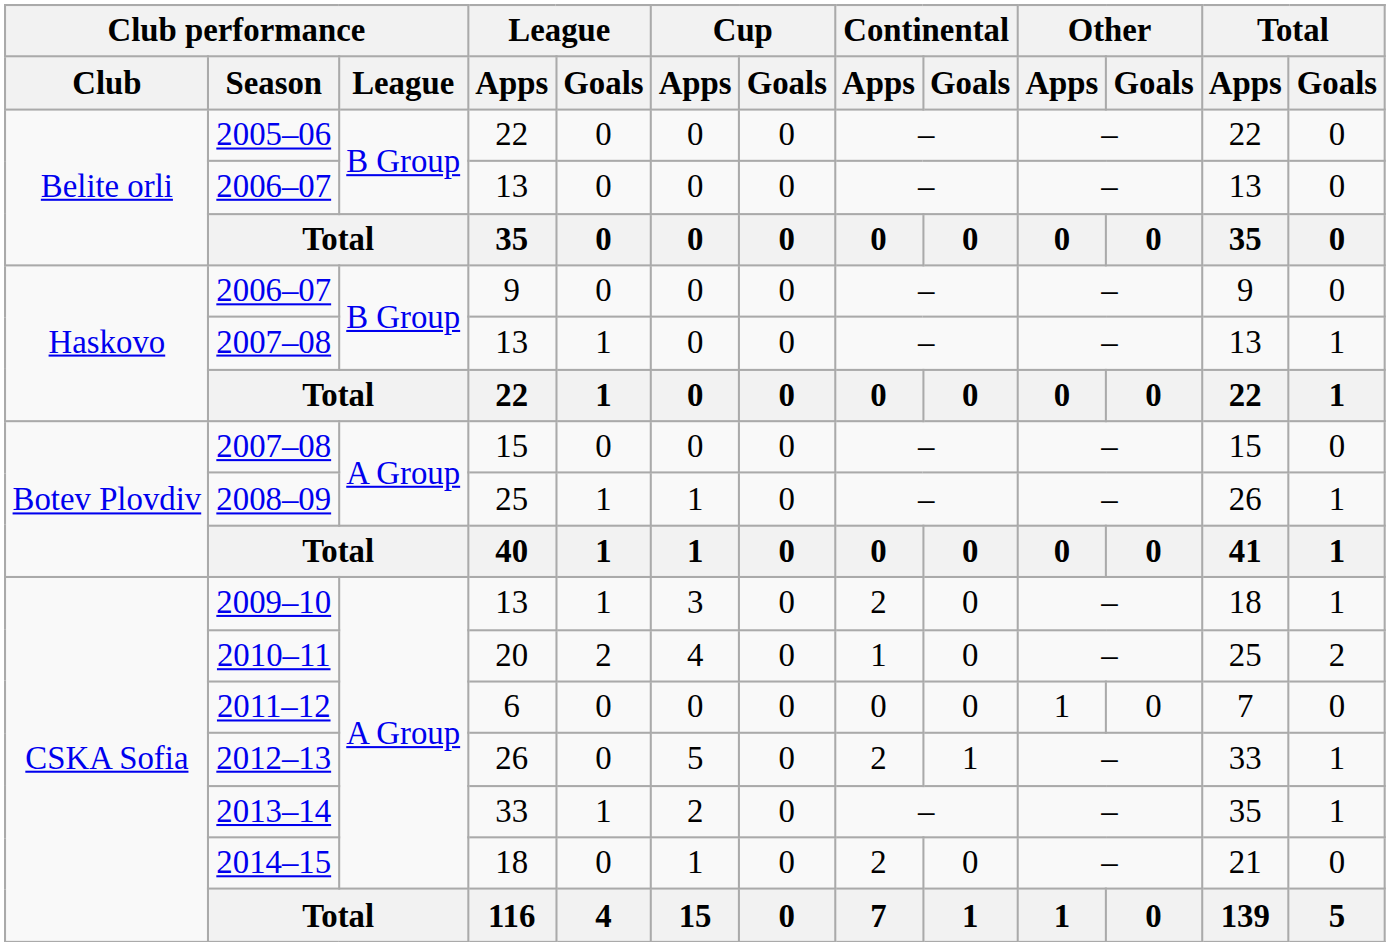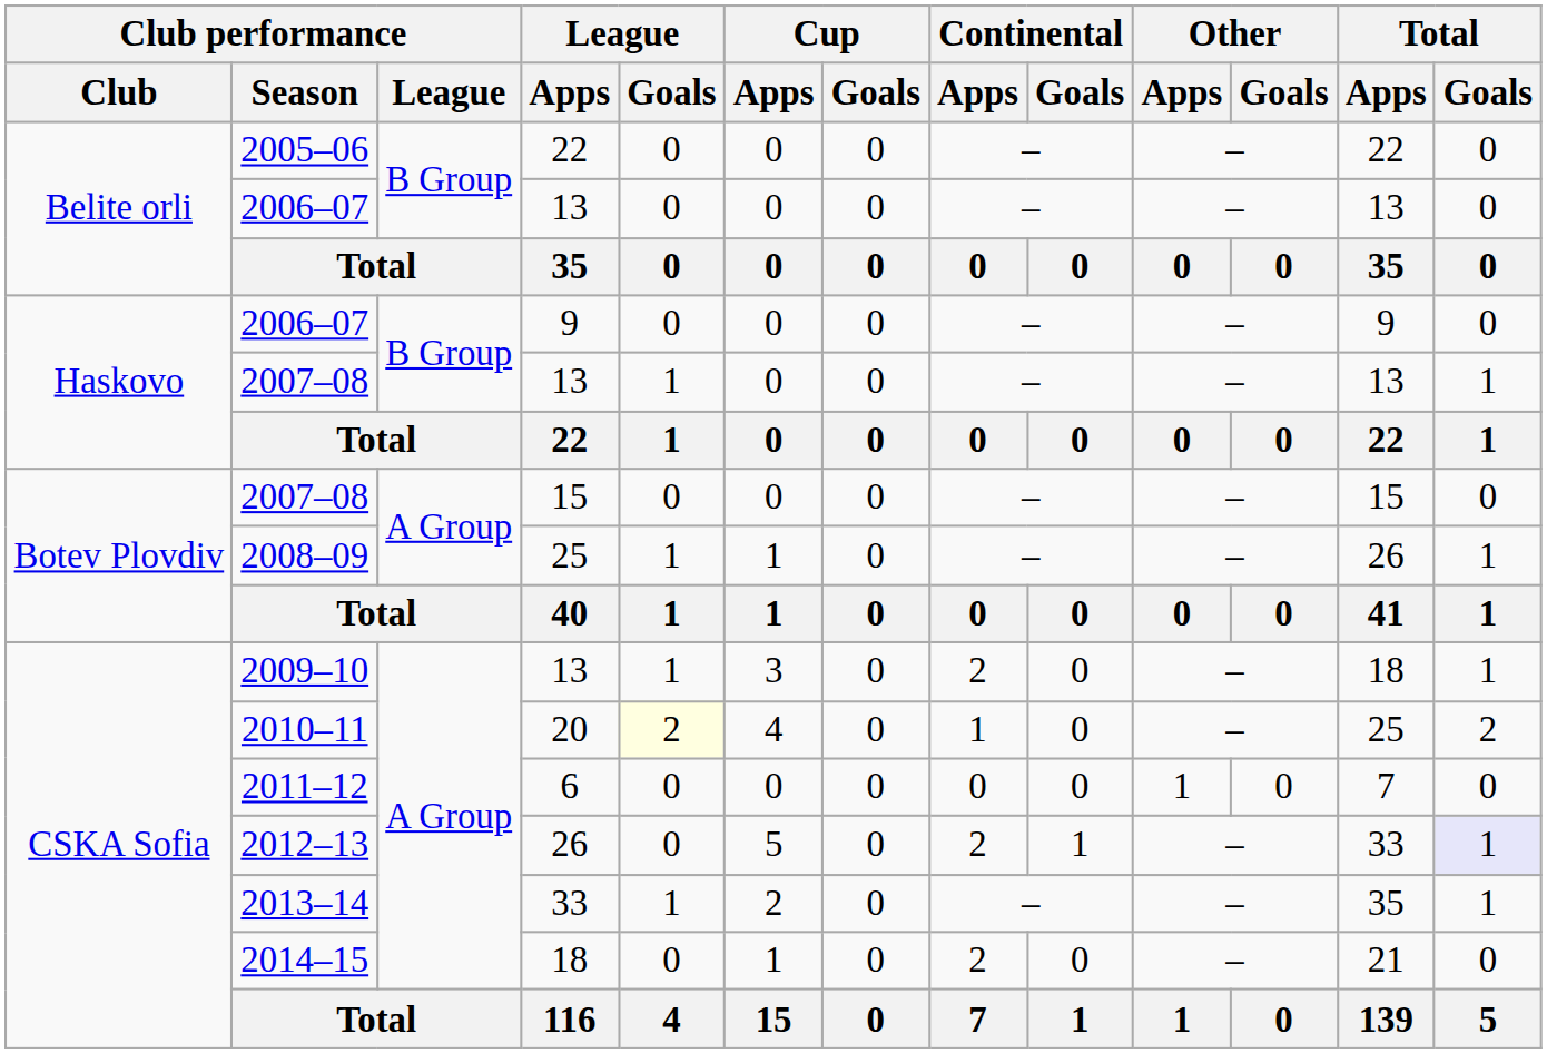 <table class="wikitable" style="text-align: center">
 <tr>
 <th Colspan="3">Club performance</th>
 <th Colspan="2">League</th>
 <th Colspan="2">Cup</th>
 <th Colspan="2">Continental</th>
 <th Colspan="2">Other</th>
 <th Colspan="3">Total</th>
 </tr>
 <tr>
 <th>Club</th>
 <th>Season</th>
 <th>League</th>
 <th>Apps</th>
 <th>Goals</th>
 <th>Apps</th>
 <th>Goals</th>
 <th>Apps</th>
 <th>Goals</th>
 <th>Apps</th>
 <th>Goals</th>
 <th>Apps</th>
 <th>Goals</th>
 </tr>
 <tr>
 <td rowspan="3" valign="center"><a href='#'>Belite orli</a></td>
 <td><a href='#'>2005–06</a></td>
 <td rowspan="2"><a href='#'>B Group</a></td>
 <td>22</td>
 <td>0</td>
 <td>0</td>
 <td>0</td>
 <td colspan="2">–</td>
 <td colspan="2">–</td>
 <td>22</td>
 <td>0</td>
 </tr>
 <tr>
 <td><a href='#'>2006–07</a></td>
 <td>13</td>
 <td>0</td>
 <td>0</td>
 <td>0</td>
 <td colspan="2">–</td>
 <td colspan="2">–</td>
 <td>13</td>
 <td>0</td>
 </tr>
 <tr>
 <th colspan="2">Total</th>
 <th>35</th>
 <th>0</th>
 <th>0</th>
 <th>0</th>
 <th>0</th>
 <th>0</th>
 <th>0</th>
 <th>0</th>
 <th>35</th>
 <th>0</th>
 </tr>
 <tr>
 <td rowspan="3" valign="center"><a href='#'>Haskovo</a></td>
 <td><a href='#'>2006–07</a></td>
 <td rowspan="2"><a href='#'>B Group</a></td>
 <td>9</td>
 <td>0</td>
 <td>0</td>
 <td>0</td>
 <td colspan="2">–</td>
 <td colspan="2">–</td>
 <td>9</td>
 <td>0</td>
 </tr>
 <tr>
 <td><a href='#'>2007–08</a></td>
 <td>13</td>
 <td>1</td>
 <td>0</td>
 <td>0</td>
 <td colspan="2">–</td>
 <td colspan="2">–</td>
 <td>13</td>
 <td>1</td>
 </tr>
 <tr>
 <th colspan="2">Total</th>
 <th>22</th>
 <th>1</th>
 <th>0</th>
 <th>0</th>
 <th>0</th>
 <th>0</th>
 <th>0</th>
 <th>0</th>
 <th>22</th>
 <th>1</th>
 </tr>
 <tr>
 <td rowspan="3" valign="center"><a href='#'>Botev Plovdiv</a></td>
 <td><a href='#'>2007–08</a></td>
 <td rowspan="2"><a href='#'>A Group</a></td>
 <td>15</td>
 <td>0</td>
 <td>0</td>
 <td>0</td>
 <td colspan="2">–</td>
 <td colspan="2">–</td>
 <td>15</td>
 <td>0</td>
 </tr>
 <tr>
 <td><a href='#'>2008–09</a></td>
 <td>25</td>
 <td>1</td>
 <td>1</td>
 <td>0</td>
 <td colspan="2">–</td>
 <td colspan="2">–</td>
 <td>26</td>
 <td>1</td>
 </tr>
 <tr>
 <th colspan="2">Total</th>
 <th>40</th>
 <th>1</th>
 <th>1</th>
 <th>0</th>
 <th>0</th>
 <th>0</th>
 <th>0</th>
 <th>0</th>
 <th>41</th>
 <th>1</th>
 </tr>
 <tr>
 <td rowspan="7" valign="center"><a href='#'>CSKA Sofia</a></td>
 <td><a href='#'>2009–10</a></td>
 <td rowspan="6"><a href='#'>A Group</a></td>
 <td>13</td>
 <td>1</td>
 <td>3</td>
 <td>0</td>
 <td>2</td>
 <td>0</td>
 <td colspan="2">–</td>
 <td>18</td>
 <td>1</td>
 </tr>
 <tr>
 <td><a href='#'>2010–11</a></td>
 <td>20</td>
-<td>2</td>
+<td style="background: lightyellow;">2</td>
 <td>4</td>
 <td>0</td>
 <td>1</td>
 <td>0</td>
 <td colspan="2">–</td>
 <td>25</td>
 <td>2</td>
 </tr>
 <tr>
 <td><a href='#'>2011–12</a></td>
 <td>6</td>
 <td>0</td>
 <td>0</td>
 <td>0</td>
 <td>0</td>
 <td>0</td>
 <td>1</td>
 <td>0</td>
 <td>7</td>
 <td>0</td>
 </tr>
 <tr>
 <td><a href='#'>2012–13</a></td>
 <td>26</td>
 <td>0</td>
 <td>5</td>
 <td>0</td>
 <td>2</td>
 <td>1</td>
 <td colspan="2">–</td>
 <td>33</td>
-<td>1</td>
+<td style="background: lavender;">1</td>
 </tr>
 <tr>
 <td><a href='#'>2013–14</a></td>
 <td>33</td>
 <td>1</td>
 <td>2</td>
 <td>0</td>
 <td colspan="2">–</td>
 <td colspan="2">–</td>
 <td>35</td>
 <td>1</td>
 </tr>
 <tr>
 <td><a href='#'>2014–15</a></td>
 <td>18</td>
 <td>0</td>
 <td>1</td>
 <td>0</td>
 <td>2</td>
 <td>0</td>
 <td colspan="2">–</td>
 <td>21</td>
 <td>0</td>
 </tr>
 <tr>
 <th colspan="2">Total</th>
 <th>116</th>
 <th>4</th>
 <th>15</th>
 <th>0</th>
 <th>7</th>
 <th>1</th>
 <th>1</th>
 <th>0</th>
 <th>139</th>
 <th>5</th>
 </tr>
 </table>
